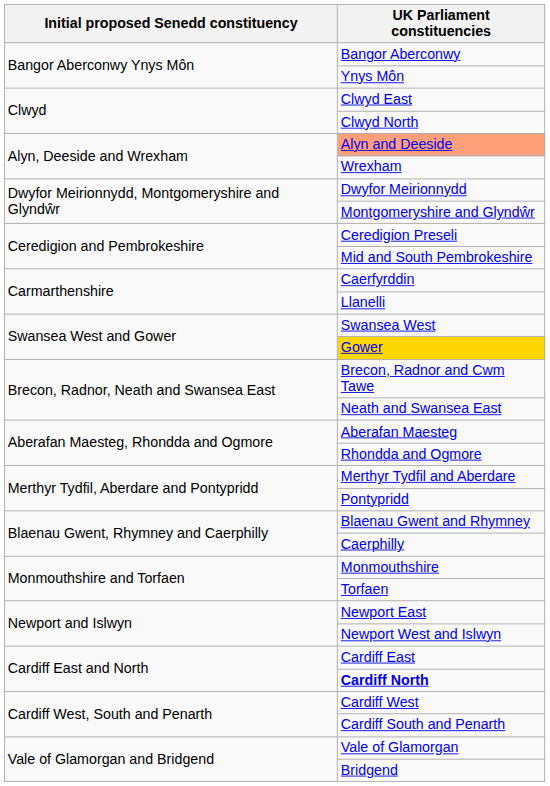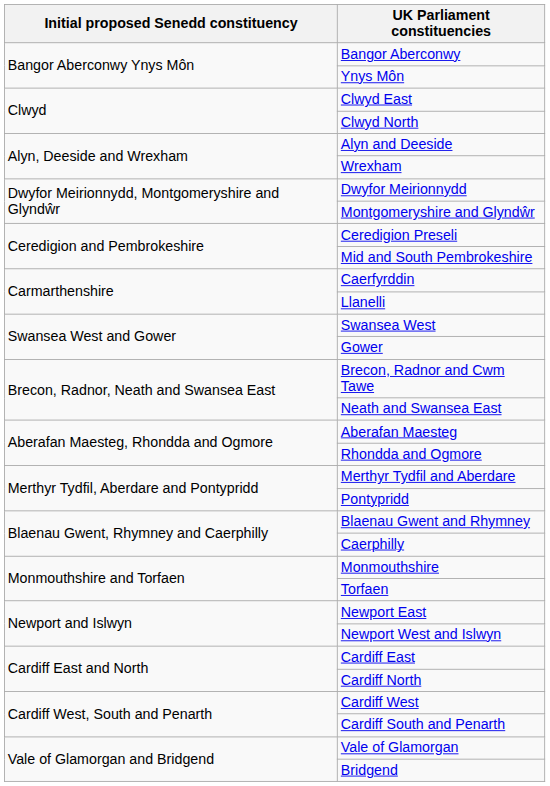 <table class="wikitable sortable collapsible">
 <tr>
 <th>Initial proposed Senedd constituency</th>
 <th>UK Parliament constituencies</th>
 </tr>
 <tr>
 <td rowspan="2">Bangor Aberconwy Ynys Môn</td>
 <td><a href='#'>Bangor Aberconwy</a></td>
 </tr>
 <tr>
 <td><a href='#'>Ynys Môn</a></td>
 </tr>
 <tr>
 <td rowspan="2">Clwyd</td>
 <td><a href='#'>Clwyd East</a></td>
 </tr>
 <tr>
 <td><a href='#'>Clwyd North</a></td>
 </tr>
 <tr>
 <td rowspan="2">Alyn, Deeside and Wrexham</td>
-<td style="background: lightsalmon;"><a href='#'>Alyn and Deeside</a></td>
+<td><a href='#'>Alyn and Deeside</a></td>
 </tr>
 <tr>
 <td><a href='#'>Wrexham</a></td>
 </tr>
 <tr>
 <td rowspan="2">Dwyfor Meirionnydd, Montgomeryshire and Glyndŵr</td>
 <td><a href='#'>Dwyfor Meirionnydd</a></td>
 </tr>
 <tr>
 <td><a href='#'>Montgomeryshire and Glyndŵr</a></td>
 </tr>
 <tr>
 <td rowspan="2">Ceredigion and Pembrokeshire</td>
 <td><a href='#'>Ceredigion Preseli</a></td>
 </tr>
 <tr>
 <td><a href='#'>Mid and South Pembrokeshire</a></td>
 </tr>
 <tr>
 <td rowspan="2">Carmarthenshire</td>
 <td><a href='#'>Caerfyrddin</a></td>
 </tr>
 <tr>
 <td><a href='#'>Llanelli</a></td>
 </tr>
 <tr>
 <td rowspan="2">Swansea West and Gower</td>
 <td><a href='#'>Swansea West</a></td>
 </tr>
 <tr>
-<td style="background: gold;"><a href='#'>Gower</a></td>
+<td><a href='#'>Gower</a></td>
 </tr>
 <tr>
 <td rowspan="2">Brecon, Radnor, Neath and Swansea East</td>
 <td><a href='#'>Brecon, Radnor and Cwm Tawe</a></td>
 </tr>
 <tr>
 <td><a href='#'>Neath and Swansea East</a></td>
 </tr>
 <tr>
 <td rowspan="2">Aberafan Maesteg, Rhondda and Ogmore</td>
 <td><a href='#'>Aberafan Maesteg</a></td>
 </tr>
 <tr>
 <td><a href='#'>Rhondda and Ogmore</a></td>
 </tr>
 <tr>
 <td rowspan="2">Merthyr Tydfil, Aberdare and Pontypridd</td>
 <td><a href='#'>Merthyr Tydfil and Aberdare</a></td>
 </tr>
 <tr>
 <td><a href='#'>Pontypridd</a></td>
 </tr>
 <tr>
 <td rowspan="2">Blaenau Gwent, Rhymney and Caerphilly</td>
 <td><a href='#'>Blaenau Gwent and Rhymney</a></td>
 </tr>
 <tr>
 <td><a href='#'>Caerphilly</a></td>
 </tr>
 <tr>
 <td rowspan="2">Monmouthshire and Torfaen</td>
 <td><a href='#'>Monmouthshire</a></td>
 </tr>
 <tr>
 <td><a href='#'>Torfaen</a></td>
 </tr>
 <tr>
 <td rowspan="2">Newport and Islwyn</td>
 <td><a href='#'>Newport East</a></td>
 </tr>
 <tr>
 <td><a href='#'>Newport West and Islwyn</a></td>
 </tr>
 <tr>
 <td rowspan="2">Cardiff East and North</td>
 <td><a href='#'>Cardiff East</a></td>
 </tr>
 <tr>
-<td><strong><a href='#'>Cardiff North</a></strong></td>
+<td><a href='#'>Cardiff North</a></td>
 </tr>
 <tr>
 <td rowspan="2">Cardiff West, South and Penarth</td>
 <td><a href='#'>Cardiff West</a></td>
 </tr>
 <tr>
 <td><a href='#'>Cardiff South and Penarth</a></td>
 </tr>
 <tr>
 <td rowspan="2">Vale of Glamorgan and Bridgend</td>
 <td><a href='#'>Vale of Glamorgan</a></td>
 </tr>
 <tr>
 <td><a href='#'>Bridgend</a></td>
 </tr>
 </table>
